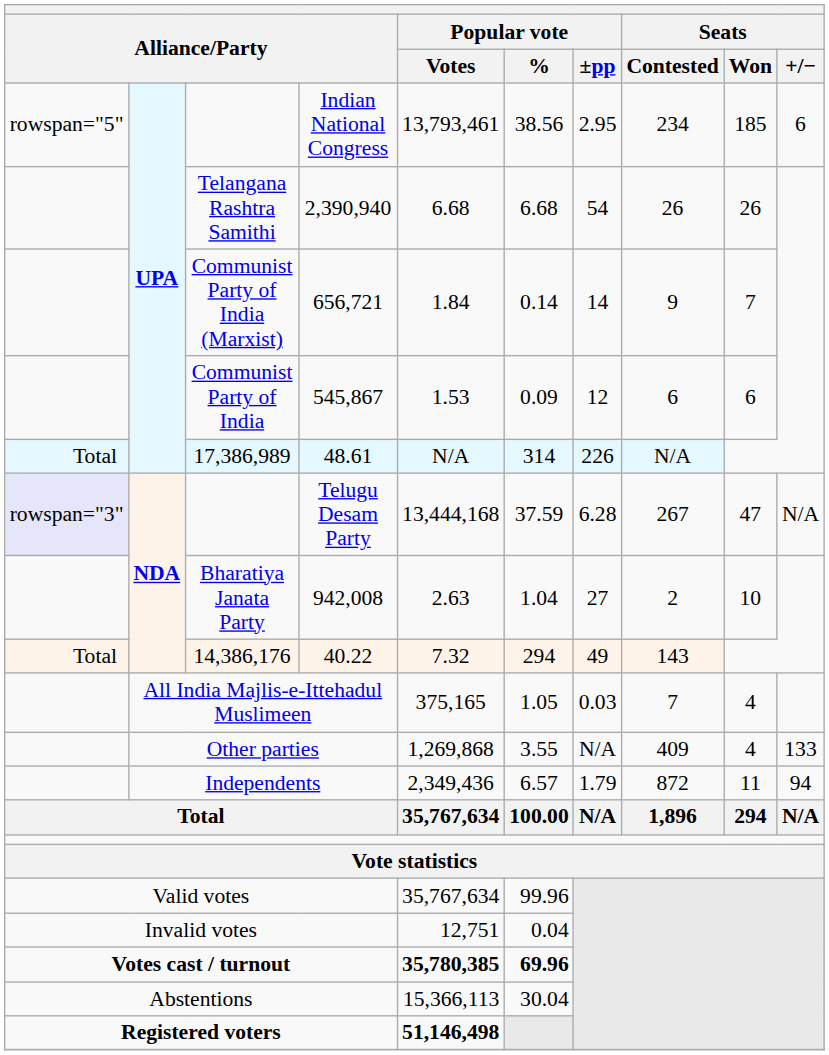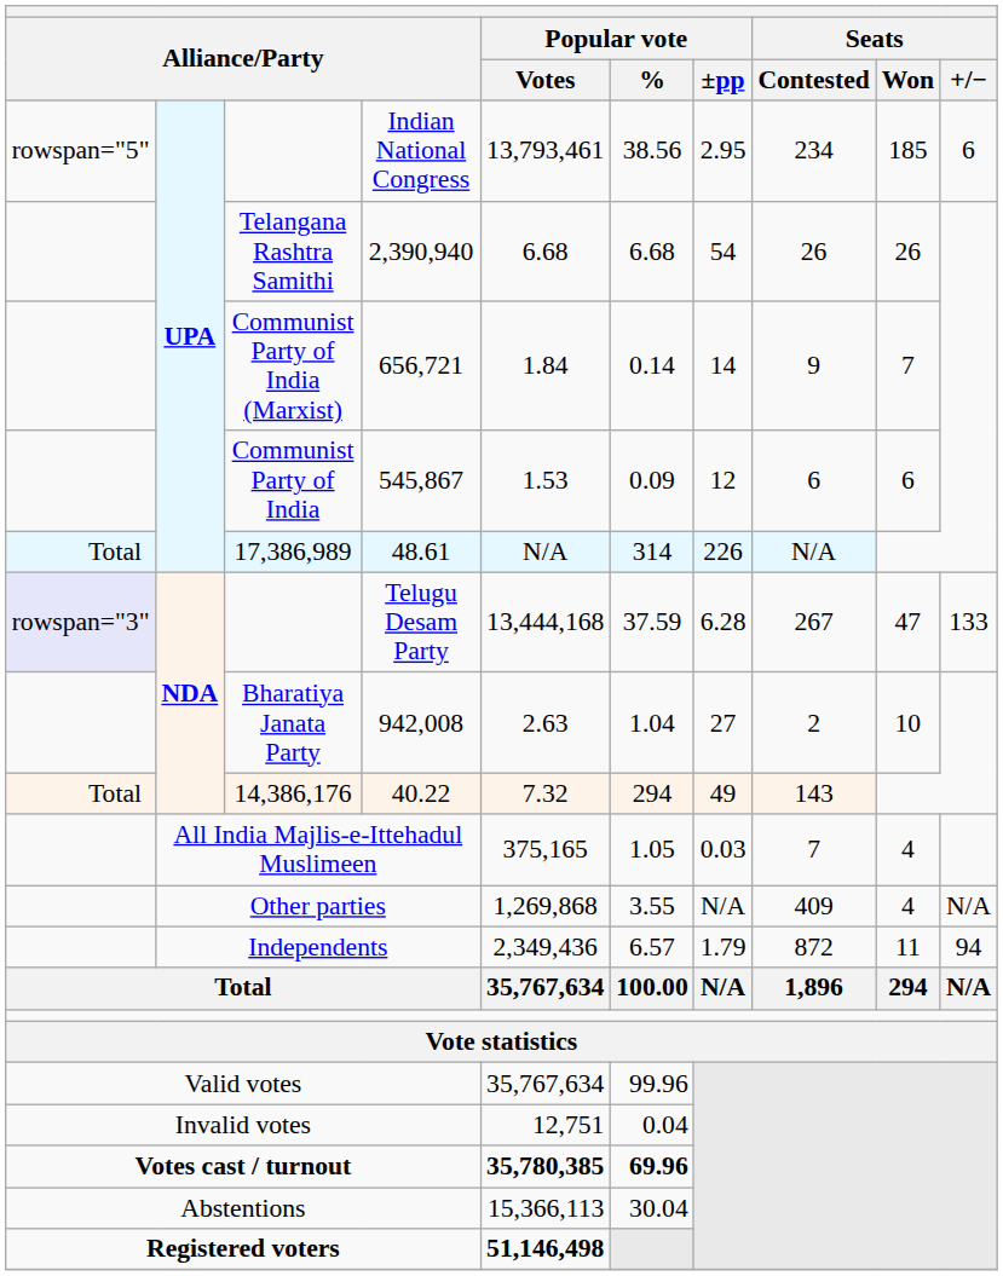 <table class="wikitable sortable" style="text-align:center;">
 <tr>
 <th colspan=10></th>
 </tr>
 <tr>
 <th colspan="4" rowspan="2">Alliance/Party</th>
 <th colspan="3">Popular vote</th>
 <th colspan="3">Seats</th>
 </tr>
 <tr>
 <th>Votes</th>
 <th>%</th>
 <th>±<a href='#'>pp</a></th>
 <th>Contested</th>
 <th>Won</th>
 <th><strong>+/−</strong></th>
 </tr>
 <tr>
 <td>rowspan="5" </td>
 <th rowspan="5" style="background:#E5F8FF"><a href='#'>UPA</a></th>
 <td></td>
 <td><a href='#'>Indian National Congress</a></td>
 <td>13,793,461</td>
 <td>38.56</td>
 <td> 2.95</td>
 <td>234</td>
 <td>185</td>
 <td> 6</td>
 </tr>
 <tr>
 <td></td>
 <td><a href='#'>Telangana Rashtra Samithi</a></td>
 <td>2,390,940</td>
 <td>6.68</td>
 <td> 6.68</td>
 <td>54</td>
 <td>26</td>
 <td> 26</td>
 </tr>
 <tr>
 <td></td>
 <td><a href='#'>Communist Party of India (Marxist)</a></td>
 <td>656,721</td>
 <td>1.84</td>
 <td> 0.14</td>
 <td>14</td>
 <td>9</td>
 <td> 7</td>
 </tr>
 <tr>
 <td></td>
 <td><a href='#'>Communist Party of India</a></td>
 <td>545,867</td>
 <td>1.53</td>
 <td> 0.09</td>
 <td>12</td>
 <td>6</td>
 <td> 6</td>
 </tr>
 <tr>
 <td colspan="2" style="background:#E5F8FF">Total</td>
 <td style="background:#E5F8FF">17,386,989</td>
 <td style="background:#E5F8FF">48.61</td>
 <td style="background:#E5F8FF">N/A</td>
 <td style="background:#E5F8FF">314</td>
 <td style="background:#E5F8FF">226</td>
 <td style="background:#E5F8FF">N/A</td>
 </tr>
 <tr>
 <td style="background: lavender;">rowspan="3" </td>
 <th rowspan="3" style="background:#FEF3E8"><a href='#'>NDA</a></th>
 <td></td>
 <td><a href='#'>Telugu Desam Party</a></td>
 <td>13,444,168</td>
 <td>37.59</td>
 <td> 6.28</td>
 <td>267</td>
 <td>47</td>
-<td>N/A</td>
+<td> 133</td>
 </tr>
 <tr>
 <td></td>
 <td><a href='#'>Bharatiya Janata Party</a></td>
 <td>942,008</td>
 <td>2.63</td>
 <td> 1.04</td>
 <td>27</td>
 <td>2</td>
 <td> 10</td>
 </tr>
 <tr>
 <td colspan="2" style="background:#fef3E8">Total</td>
 <td style="background:#fef3E8">14,386,176</td>
 <td style="background:#fef3E8">40.22</td>
 <td style="background:#fef3E8"> 7.32</td>
 <td style="background:#fef3E8">294</td>
 <td style="background:#fef3E8">49</td>
 <td style="background:#fef3E8"> 143</td>
 </tr>
 <tr>
 <td></td>
 <td colspan=3><a href='#'>All India Majlis-e-Ittehadul Muslimeen</a></td>
 <td>375,165</td>
 <td>1.05</td>
 <td> 0.03</td>
 <td>7</td>
 <td>4</td>
 <td></td>
 </tr>
 <tr>
 <td></td>
 <td colspan="3"><a href='#'>Other parties</a></td>
 <td>1,269,868</td>
 <td>3.55</td>
 <td>N/A</td>
 <td>409</td>
 <td>4</td>
-<td> 133</td>
+<td>N/A</td>
 </tr>
 <tr>
 <td></td>
 <td colspan="3"><a href='#'>Independents</a></td>
 <td>2,349,436</td>
 <td>6.57</td>
 <td> 1.79</td>
 <td>872</td>
 <td>11</td>
 <td> 94</td>
 </tr>
 <tr>
 <th colspan="4">Total</th>
 <th>35,767,634</th>
 <th>100.00</th>
 <th>N/A</th>
 <th>1,896</th>
 <th>294</th>
 <th>N/A</th>
 </tr>
 <tr>
 <td colspan="10"></td>
 </tr>
 <tr>
 <th colspan="10">Vote statistics</th>
 </tr>
 <tr>
 <td colspan="4">Valid votes</td>
 <td align="right">35,767,634</td>
 <td align="right">99.96</td>
 <th colspan="4" rowspan="5" style="background-color:#E9E9E9"></th>
 </tr>
 <tr>
 <td colspan="4">Invalid votes</td>
 <td align="right">12,751</td>
 <td align="right">0.04</td>
 </tr>
 <tr>
 <td colspan="4"><strong>Votes cast / turnout</strong></td>
 <td align="right"><strong>35,780,385</strong></td>
 <td align="right"><strong>69.96</strong></td>
 </tr>
 <tr>
 <td colspan="4">Abstentions</td>
 <td align="right">15,366,113</td>
 <td align="right">30.04</td>
 </tr>
 <tr>
 <td colspan="4"><strong>Registered voters</strong></td>
 <td align="right"><strong>51,146,498</strong></td>
 <td style="background-color:#E9E9E9"></td>
 </tr>
 <tr>
 </tr>
 </table>
